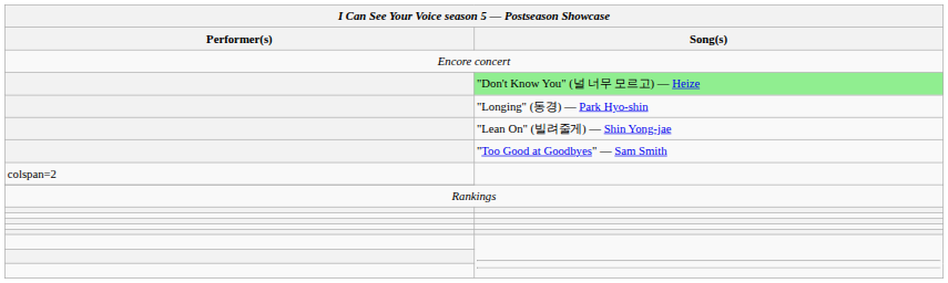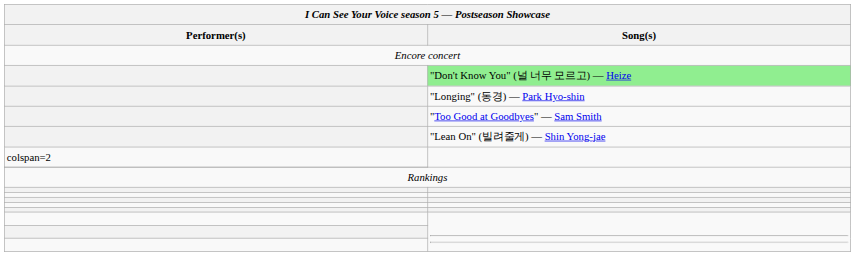 <table class="wikitable plainrowheaders mw-collapsible" style="line-height:23px; width:100%;">
 <tr>
 <th colspan=2><em>I Can See Your Voice season 5 — Postseason Showcase</em></th>
 </tr>
 <tr>
 <th width=50%>Performer(s)</th>
 <th width=50%>Song(s)</th>
 </tr>
 <tr style="text-align:center;">
 <td colspan=2><em>Encore concert</em></td>
 </tr>
 <tr>
 <th></th>
 <td style="background: lightgreen;">"Don't Know You" (널 너무 모르고) — <a href='#'>Heize</a></td>
 </tr>
 <tr>
 <th></th>
 <td>"Longing" (동경) — <a href='#'>Park Hyo-shin</a></td>
 </tr>
 <tr>
 <th></th>
-<td>"Lean On" (빌려줄게) — <a href='#'>Shin Yong-jae</a></td>
+<td>"<a href='#'>Too Good at Goodbyes</a>" — <a href='#'>Sam Smith</a></td>
 </tr>
 <tr>
 <th></th>
-<td>"<a href='#'>Too Good at Goodbyes</a>" — <a href='#'>Sam Smith</a></td>
+<td>"Lean On" (빌려줄게) — <a href='#'>Shin Yong-jae</a></td>
 </tr>
 <tr>
 <td>colspan=2 </td>
 </tr>
 <tr>
 </tr>
 <tr style="text-align:center;">
 <td colspan=2><em>Rankings</em></td>
 </tr>
 <tr>
 <th></th>
 <th></th>
 </tr>
 <tr>
 <td></td>
 <td></td>
 </tr>
 <tr>
 <th></th>
 <th></th>
 </tr>
 <tr>
 <td></td>
 <td></td>
 </tr>
 <tr>
 <th></th>
 <th></th>
 </tr>
 <tr>
 <td></td>
 <td rowspan=3><br><hr>  <hr>  </td>
 </tr>
 <tr>
 <th></th>
 </tr>
 <tr>
 <td></td>
 </tr>
 </table>
